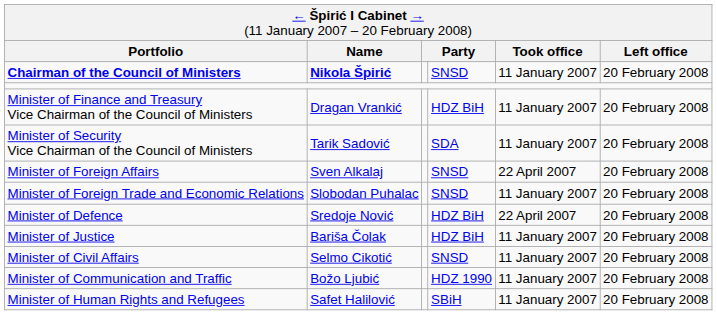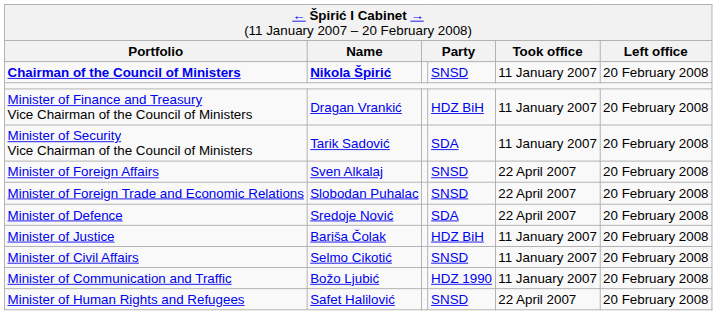 <table class="wikitable" style="font-size:95%;">
 <tr>
 <td colspan="7" bgcolor="#F2F2F2" align="center"><a href='#'>←</a> <strong>Špirić I Cabinet</strong> <a href='#'>→</a> <br> (11 January 2007 – 20 February 2008)</td>
 </tr>
 <tr>
 <th>Portfolio</th>
 <th>Name</th>
 <th colspan="2">Party</th>
 <th>Took office</th>
 <th>Left office</th>
 </tr>
 <tr>
 <td><strong><a href='#'>Chairman of the Council of Ministers</a></strong></td>
 <td><strong><a href='#'>Nikola Špirić</a></strong></td>
 <td style="background-color:"></td>
 <td><a href='#'>SNSD</a></td>
 <td>11 January 2007</td>
 <td>20 February 2008</td>
 </tr>
 <tr>
 <td colspan="7"></td>
 </tr>
 <tr>
 <td><a href='#'>Minister of Finance and Treasury</a> <br> Vice Chairman of the Council of Ministers</td>
 <td><a href='#'>Dragan Vrankić</a></td>
 <td style="background-color:"></td>
 <td><a href='#'>HDZ BiH</a></td>
 <td>11 January 2007</td>
 <td>20 February 2008</td>
 </tr>
 <tr>
 <td><a href='#'>Minister of Security</a> <br> Vice Chairman of the Council of Ministers</td>
 <td><a href='#'>Tarik Sadović</a></td>
 <td style="background-color:"></td>
 <td><a href='#'>SDA</a></td>
 <td>11 January 2007</td>
 <td>20 February 2008</td>
 </tr>
 <tr>
 <td><a href='#'>Minister of Foreign Affairs</a></td>
 <td><a href='#'>Sven Alkalaj</a></td>
 <td style="background-color:"></td>
 <td><a href='#'>SNSD</a></td>
 <td>22 April 2007</td>
 <td>20 February 2008</td>
 </tr>
 <tr>
 <td><a href='#'>Minister of Foreign Trade and Economic Relations</a></td>
 <td><a href='#'>Slobodan Puhalac</a></td>
 <td style="background-color:"></td>
 <td><a href='#'>SNSD</a></td>
-<td>11 January 2007</td>
+<td>22 April 2007</td>
 <td>20 February 2008</td>
 </tr>
 <tr>
 <td><a href='#'>Minister of Defence</a></td>
 <td><a href='#'>Sredoje Nović</a></td>
 <td style="background-color:"></td>
-<td><a href='#'>HDZ BiH</a></td>
+<td><a href='#'>SDA</a></td>
 <td>22 April 2007</td>
 <td>20 February 2008</td>
 </tr>
 <tr>
 <td><a href='#'>Minister of Justice</a></td>
 <td><a href='#'>Bariša Čolak</a></td>
 <td style="background-color:"></td>
 <td><a href='#'>HDZ BiH</a></td>
 <td>11 January 2007</td>
 <td>20 February 2008</td>
 </tr>
 <tr>
 <td><a href='#'>Minister of Civil Affairs</a></td>
 <td><a href='#'>Selmo Cikotić</a></td>
 <td style="background-color:"></td>
 <td><a href='#'>SNSD</a></td>
 <td>11 January 2007</td>
 <td>20 February 2008</td>
 </tr>
 <tr>
 <td><a href='#'>Minister of Communication and Traffic</a></td>
 <td><a href='#'>Božo Ljubić</a></td>
 <td style="background-color:"></td>
 <td><a href='#'>HDZ 1990</a></td>
 <td>11 January 2007</td>
 <td>20 February 2008</td>
 </tr>
 <tr>
 <td><a href='#'>Minister of Human Rights and Refugees</a></td>
 <td><a href='#'>Safet Halilović</a></td>
 <td style="background-color:"></td>
-<td><a href='#'>SBiH</a></td>
-<td>11 January 2007</td>
+<td><a href='#'>SNSD</a></td>
+<td>22 April 2007</td>
 <td>20 February 2008</td>
 </tr>
 </table>
